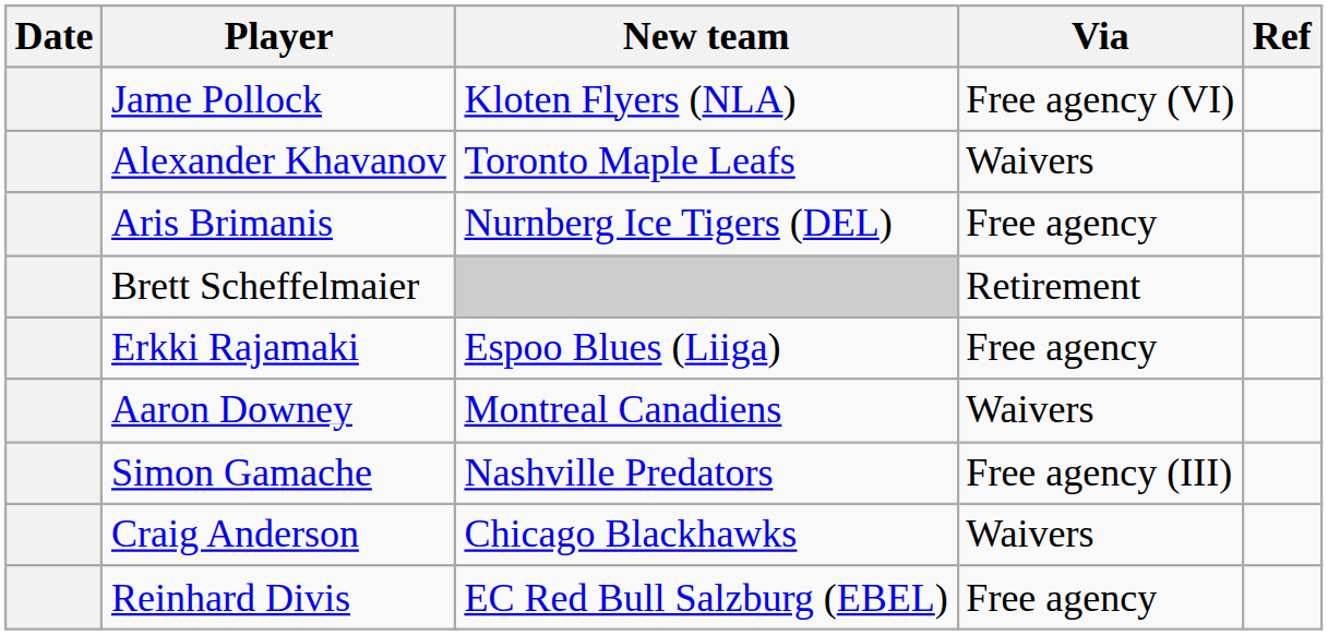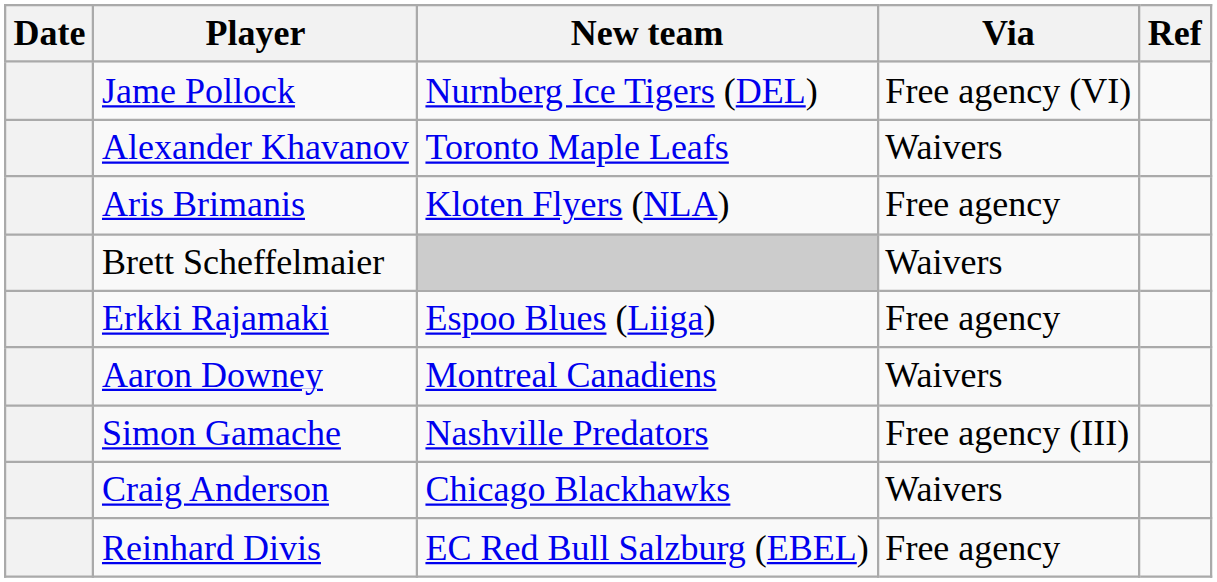 <table class="wikitable plainrowheaders">
 <tr style="background:#ddd; text-align:center;">
 <th>Date</th>
 <th>Player</th>
 <th>New team</th>
 <th>Via</th>
 <th>Ref</th>
 </tr>
 <tr>
 <th scope="row"></th>
 <td><a href='#'>Jame Pollock</a></td>
-<td><a href='#'>Kloten Flyers</a> (<a href='#'>NLA</a>)</td>
+<td><a href='#'>Nurnberg Ice Tigers</a> (<a href='#'>DEL</a>)</td>
 <td>Free agency (VI)</td>
 <td></td>
 </tr>
 <tr>
 <th scope="row"></th>
 <td><a href='#'>Alexander Khavanov</a></td>
 <td><a href='#'>Toronto Maple Leafs</a></td>
 <td>Waivers</td>
 <td></td>
 </tr>
 <tr>
 <th scope="row"></th>
 <td><a href='#'>Aris Brimanis</a></td>
-<td><a href='#'>Nurnberg Ice Tigers</a> (<a href='#'>DEL</a>)</td>
+<td><a href='#'>Kloten Flyers</a> (<a href='#'>NLA</a>)</td>
 <td>Free agency</td>
 <td></td>
 </tr>
 <tr>
 <th scope="row"></th>
 <td>Brett Scheffelmaier</td>
 <td style="background:#ccc"></td>
-<td>Retirement</td>
+<td>Waivers</td>
 <td></td>
 </tr>
 <tr>
 <th scope="row"></th>
 <td><a href='#'>Erkki Rajamaki</a></td>
 <td><a href='#'>Espoo Blues</a> (<a href='#'>Liiga</a>)</td>
 <td>Free agency</td>
 <td></td>
 </tr>
 <tr>
 <th scope="row"></th>
 <td><a href='#'>Aaron Downey</a></td>
 <td><a href='#'>Montreal Canadiens</a></td>
 <td>Waivers</td>
 <td></td>
 </tr>
 <tr>
 <th scope="row"></th>
 <td><a href='#'>Simon Gamache</a></td>
 <td><a href='#'>Nashville Predators</a></td>
 <td>Free agency (III)</td>
 <td></td>
 </tr>
 <tr>
 <th scope="row"></th>
 <td><a href='#'>Craig Anderson</a></td>
 <td><a href='#'>Chicago Blackhawks</a></td>
 <td>Waivers</td>
 <td></td>
 </tr>
 <tr>
 <th scope="row"></th>
 <td><a href='#'>Reinhard Divis</a></td>
 <td><a href='#'>EC Red Bull Salzburg</a> (<a href='#'>EBEL</a>)</td>
 <td>Free agency</td>
 <td></td>
 </tr>
 </table>
